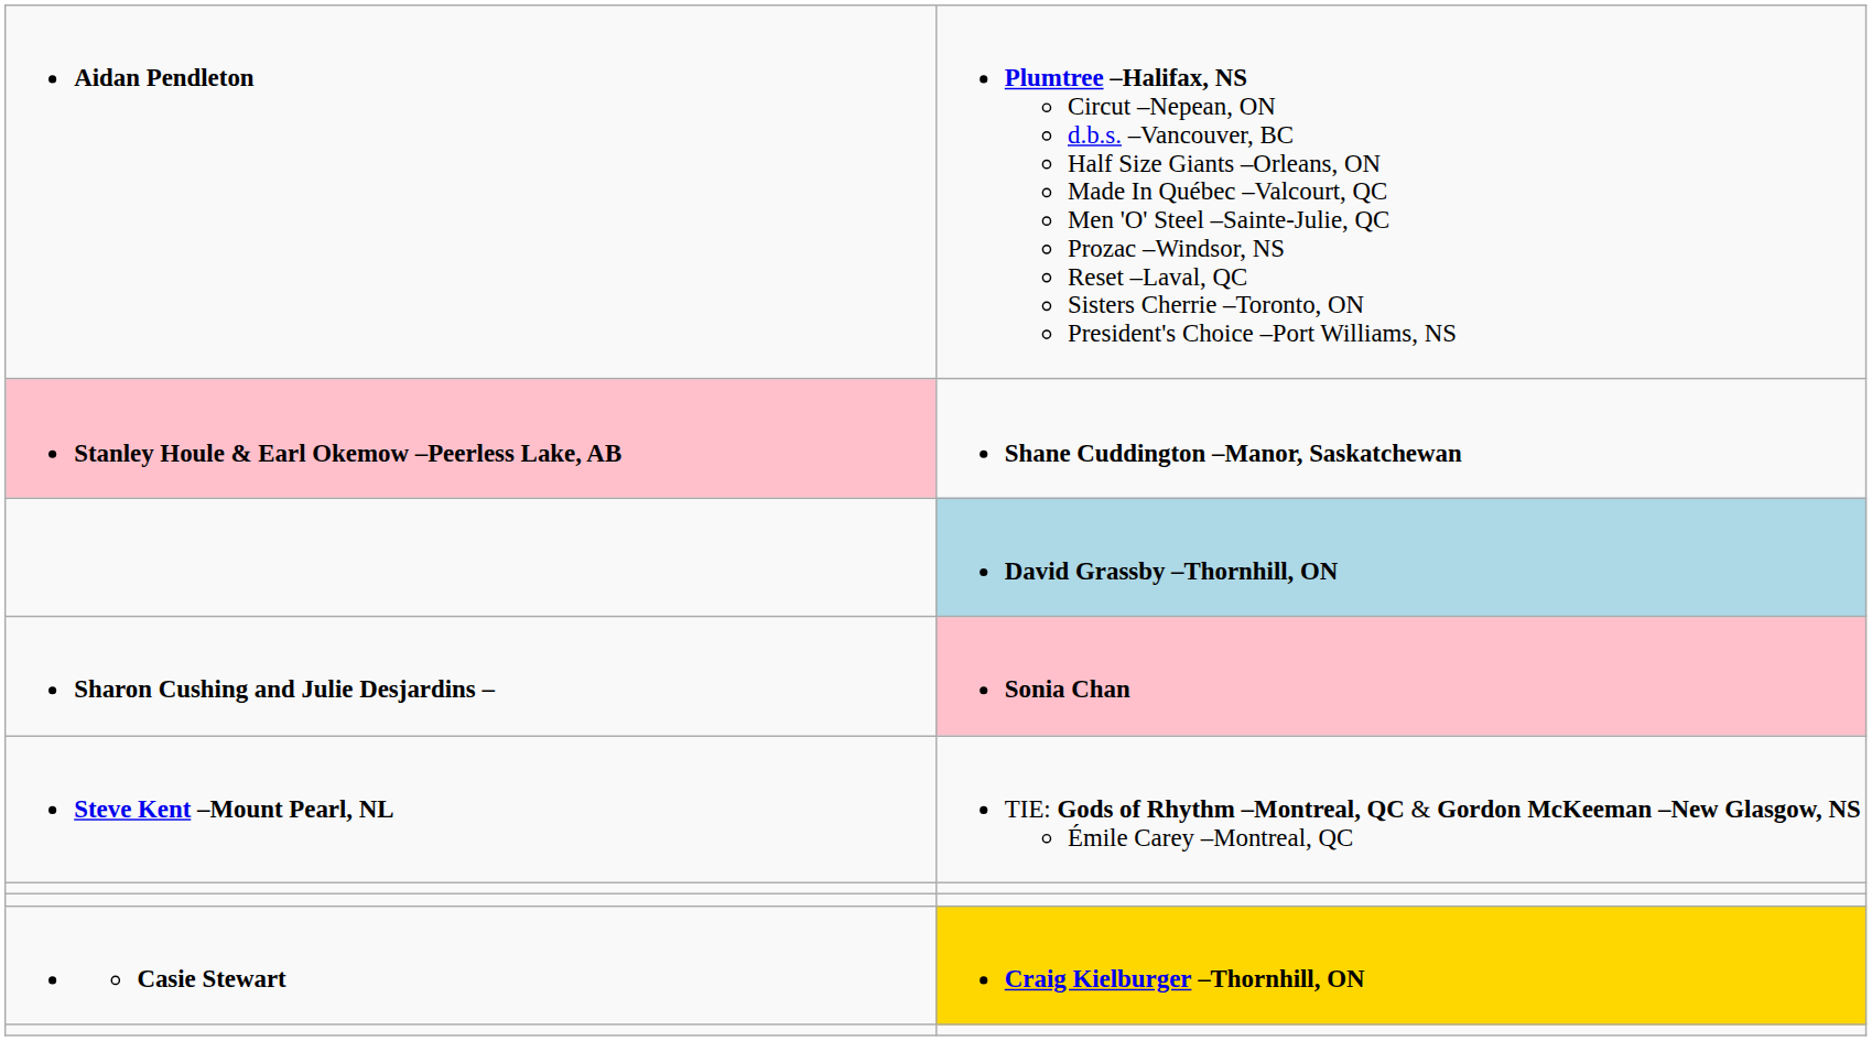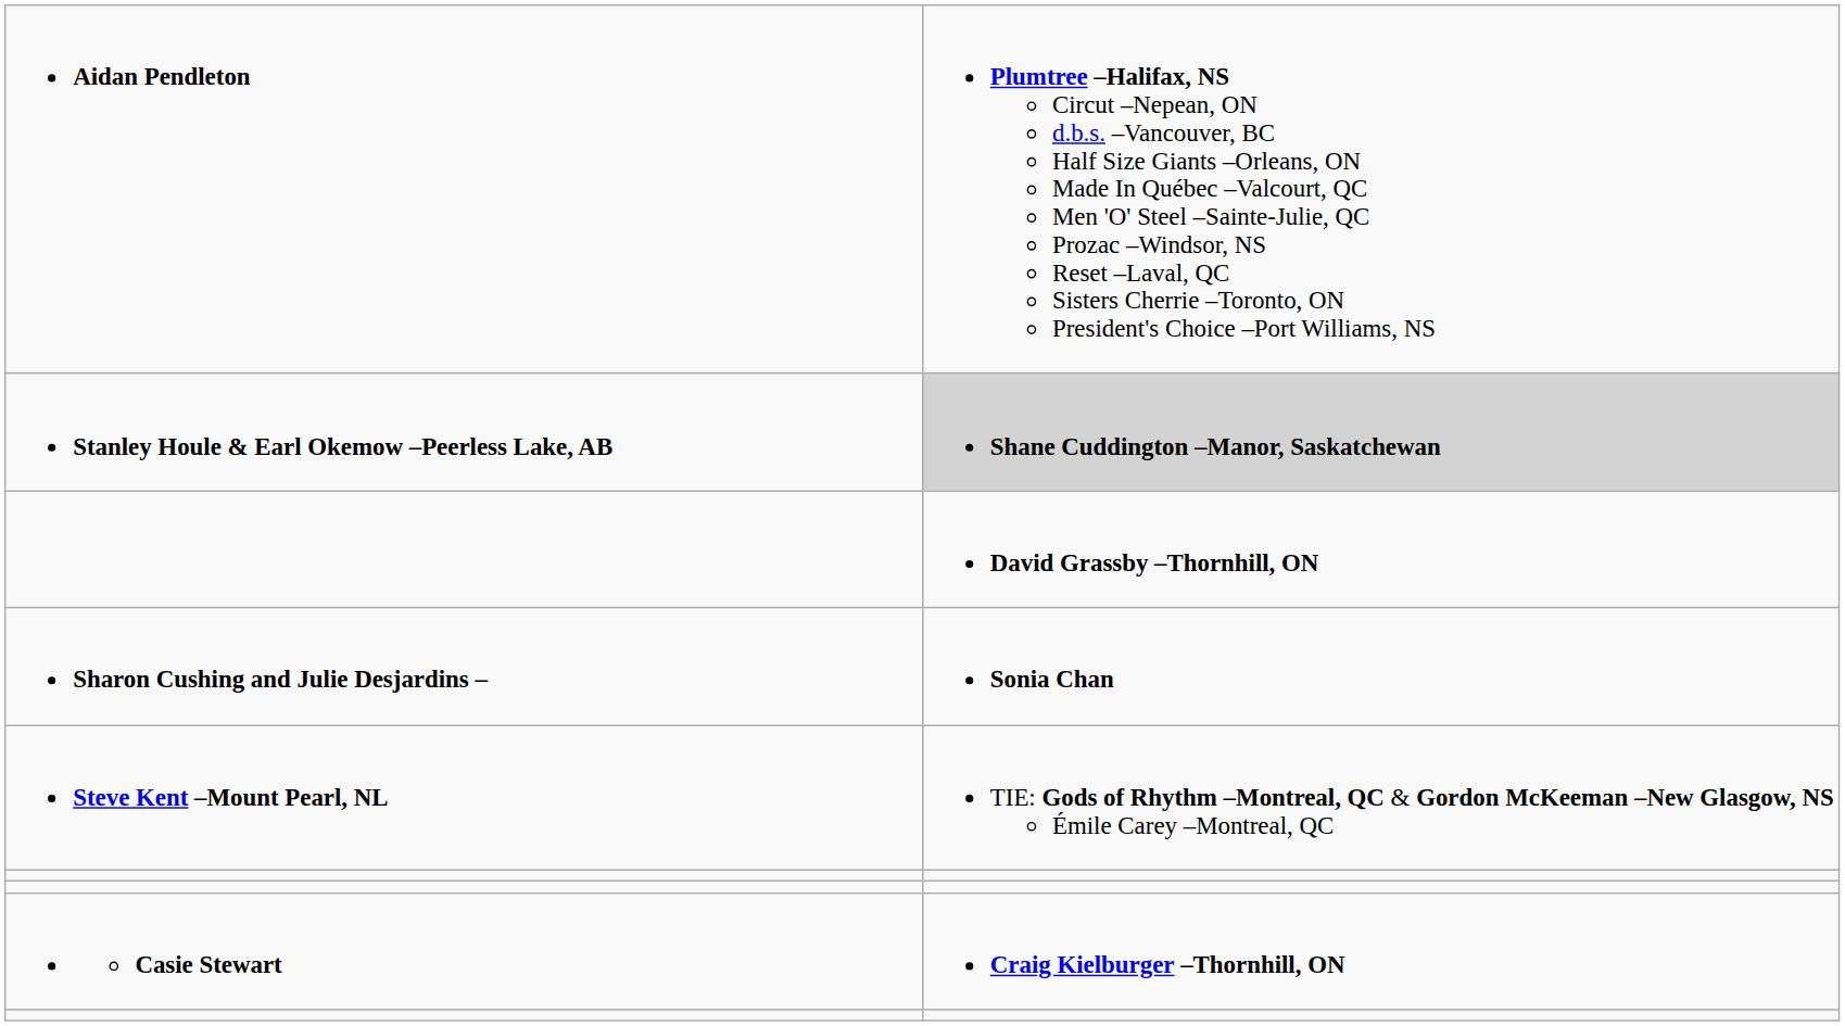 <table class="wikitable" role="presentation">
 <tr>
 <td style="vertical-align:top; width:50%;"><br><ul><li><strong>Aidan Pendleton</strong></li></ul></td>
 <td style="vertical-align:top; width:50%;"><br><ul><li><strong><a href='#'>Plumtree</a> –Halifax, NS</strong><ul><li>Circut –Nepean, ON</li><li><a href='#'>d.b.s.</a> –Vancouver, BC</li><li>Half Size Giants –Orleans, ON</li><li>Made In Québec –Valcourt, QC</li><li>Men 'O' Steel –Sainte-Julie, QC</li><li>Prozac –Windsor, NS</li><li>Reset –Laval, QC</li><li>Sisters Cherrie –Toronto, ON</li><li>President's Choice –Port Williams, NS</li></ul></li></ul></td>
 </tr>
 <tr>
-<td style="background: pink; vertical-align:top; width:50%;"><br><ul><li><strong>Stanley Houle & Earl Okemow –Peerless Lake, AB</strong></li></ul></td>
-<td style="vertical-align:top; width:50%;"><br><ul><li><strong>Shane Cuddington –Manor, Saskatchewan</strong></li></ul></td>
+<td style="vertical-align:top; width:50%;"><br><ul><li><strong>Stanley Houle & Earl Okemow –Peerless Lake, AB</strong></li></ul></td>
+<td style="background: lightgrey; vertical-align:top; width:50%;"><br><ul><li><strong>Shane Cuddington –Manor, Saskatchewan</strong></li></ul></td>
 </tr>
 <tr>
 <td style="vertical-align:top; width:50%;"></td>
-<td style="background: lightblue; vertical-align:top; width:50%;"><br><ul><li><strong>David Grassby –Thornhill, ON</strong></li></ul></td>
+<td style="vertical-align:top; width:50%;"><br><ul><li><strong>David Grassby –Thornhill, ON</strong></li></ul></td>
 </tr>
 <tr>
 <td style="vertical-align:top; width:50%;"><br><ul><li><strong>Sharon Cushing and Julie Desjardins –</strong></li></ul></td>
-<td style="background: pink; vertical-align:top; width:50%;"><br><ul><li><strong>Sonia Chan</strong></li></ul></td>
+<td style="vertical-align:top; width:50%;"><br><ul><li><strong>Sonia Chan</strong></li></ul></td>
 </tr>
 <tr>
 <td style="vertical-align:top; width:50%;"><br><ul><li><strong><a href='#'>Steve Kent</a> –Mount Pearl, NL</strong></li></ul></td>
 <td style="vertical-align:top; width:50%;"><br><ul><li>TIE: <strong>Gods of Rhythm –Montreal, QC</strong> & <strong>Gordon McKeeman –New Glasgow, NS</strong><ul><li>Émile Carey –Montreal, QC</li></ul></li></ul></td>
 </tr>
 <tr>
 <td style="vertical-align:top; width:50%;"></td>
 <td style="vertical-align:top; width:50%;"></td>
 </tr>
 <tr>
 <td style="vertical-align:top; width:50%;"></td>
 <td style="vertical-align:top; width:50%;"></td>
 </tr>
 <tr>
 <td style="vertical-align:top; width:50%;"><strong><br><ul><li><ul><li>Casie Stewart</li></ul></li></ul></strong></td>
-<td style="background: gold; vertical-align:top; width:50%;"><br><ul><li><strong><a href='#'>Craig Kielburger</a> –Thornhill, ON</strong></li></ul></td>
+<td style="vertical-align:top; width:50%;"><br><ul><li><strong><a href='#'>Craig Kielburger</a> –Thornhill, ON</strong></li></ul></td>
 </tr>
 <tr>
 <td style="vertical-align:top; width:50%;"></td>
 </tr>
 </table>
